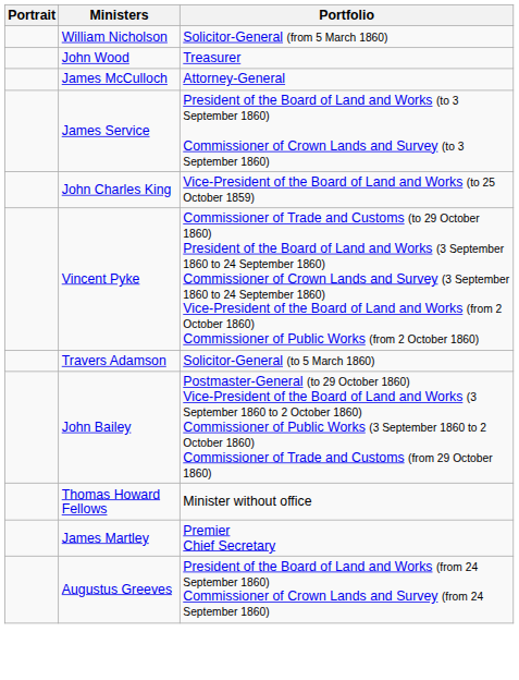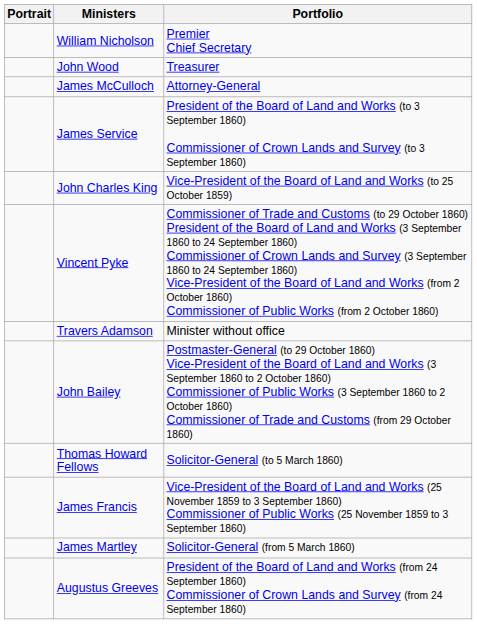 <table class="wikitable">
 <tr>
 <th>Portrait</th>
 <th>Ministers</th>
 <th>Portfolio</th>
 </tr>
 <tr>
 <td></td>
 <td><a href='#'>William Nicholson</a></td>
-<td><a href='#'>Solicitor-General</a> <small>(from 5 March 1860)</small></td>
+<td><a href='#'>Premier</a><br><a href='#'>Chief Secretary</a></td>
 </tr>
 <tr>
 <td></td>
 <td><a href='#'>John Wood</a></td>
 <td><a href='#'>Treasurer</a></td>
 </tr>
 <tr>
 <td></td>
 <td><a href='#'>James McCulloch</a></td>
 <td><a href='#'>Attorney-General</a></td>
 </tr>
 <tr>
 <td></td>
 <td><a href='#'>James Service</a></td>
 <td><a href='#'>President of the Board of Land and Works</a> <small>(to 3 September 1860)</small><br><br><a href='#'>Commissioner of Crown Lands and Survey</a> <small>(to 3 September 1860)</small></td>
 </tr>
 <tr>
 <td></td>
 <td><a href='#'>John Charles King</a></td>
 <td><a href='#'>Vice-President of the Board of Land and Works</a> <small>(to 25 October 1859)</small></td>
 </tr>
 <tr>
 <td></td>
 <td><a href='#'>Vincent Pyke</a></td>
 <td><a href='#'>Commissioner of Trade and Customs</a> <small>(to 29 October 1860)</small><br><a href='#'>President of the Board of Land and Works</a> <small>(3 September 1860 to 24 September 1860)</small><br><a href='#'>Commissioner of Crown Lands and Survey</a> <small>(3 September 1860 to 24 September 1860)</small><br><a href='#'>Vice-President of the Board of Land and Works</a> <small>(from 2 October 1860)</small><br><a href='#'>Commissioner of Public Works</a> <small>(from 2 October 1860)</small></td>
 </tr>
 <tr>
 <td></td>
 <td><a href='#'>Travers Adamson</a></td>
-<td><a href='#'>Solicitor-General</a> <small>(to 5 March 1860)</small></td>
+<td>Minister without office</td>
 </tr>
 <tr>
 <td></td>
 <td><a href='#'>John Bailey</a></td>
 <td><a href='#'>Postmaster-General</a> <small>(to 29 October 1860)</small><br><a href='#'>Vice-President of the Board of Land and Works</a> <small>(3 September 1860 to 2 October 1860)</small><br> <a href='#'>Commissioner of Public Works</a> <small>(3 September 1860 to 2 October 1860)</small><br> <a href='#'>Commissioner of Trade and Customs</a> <small>(from 29 October 1860)</small></td>
 </tr>
 <tr>
 <td></td>
 <td><a href='#'>Thomas Howard Fellows</a></td>
-<td>Minister without office</td>
+<td><a href='#'>Solicitor-General</a> <small>(to 5 March 1860)</small></td>
+</tr>
+<tr>
+<td></td>
+<td><a href='#'>James Francis</a></td>
+<td><a href='#'>Vice-President of the Board of Land and Works</a> <small>(25 November 1859 to 3 September 1860)</small><br><a href='#'>Commissioner of Public Works</a> <small>(25 November 1859 to 3 September 1860)</small></td>
 </tr>
 <tr>
 <td></td>
 <td><a href='#'>James Martley</a></td>
-<td><a href='#'>Premier</a><br><a href='#'>Chief Secretary</a></td>
+<td><a href='#'>Solicitor-General</a> <small>(from 5 March 1860)</small></td>
 </tr>
 <tr>
 <td></td>
 <td><a href='#'>Augustus Greeves</a></td>
 <td><a href='#'>President of the Board of Land and Works</a> <small>(from 24 September 1860)</small><br><a href='#'>Commissioner of Crown Lands and Survey</a> <small>(from 24 September 1860)</small></td>
 </tr>
 </table>
